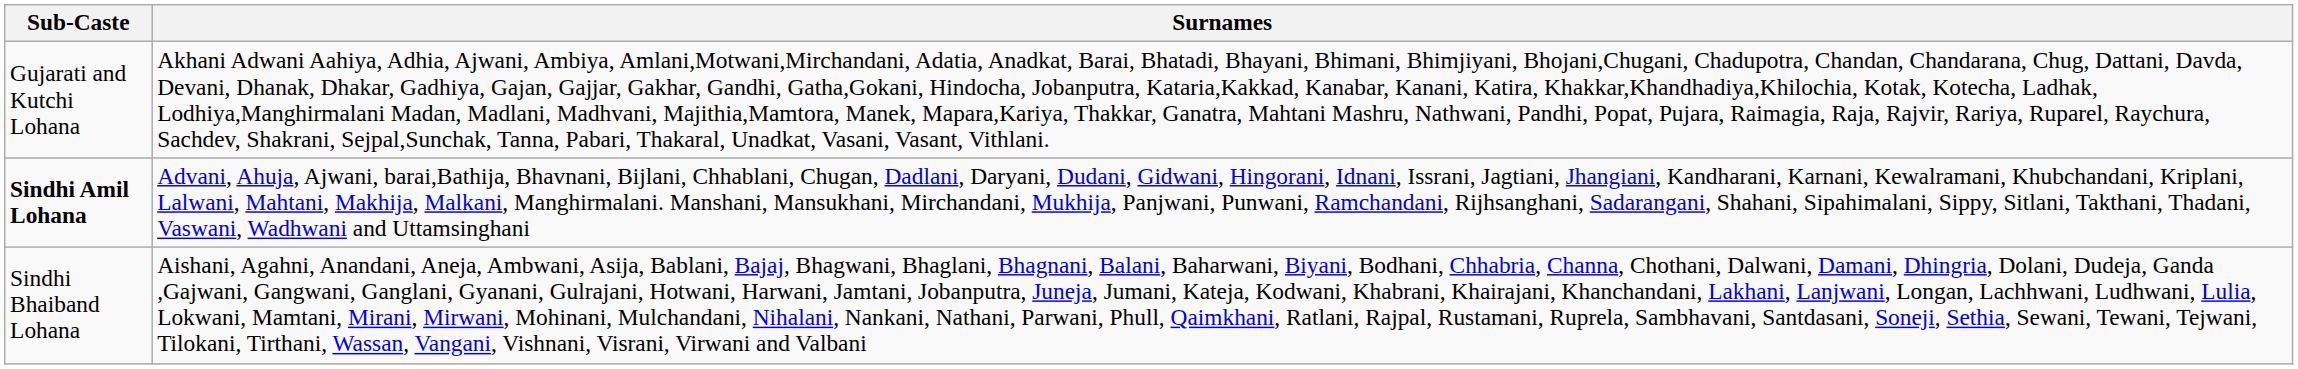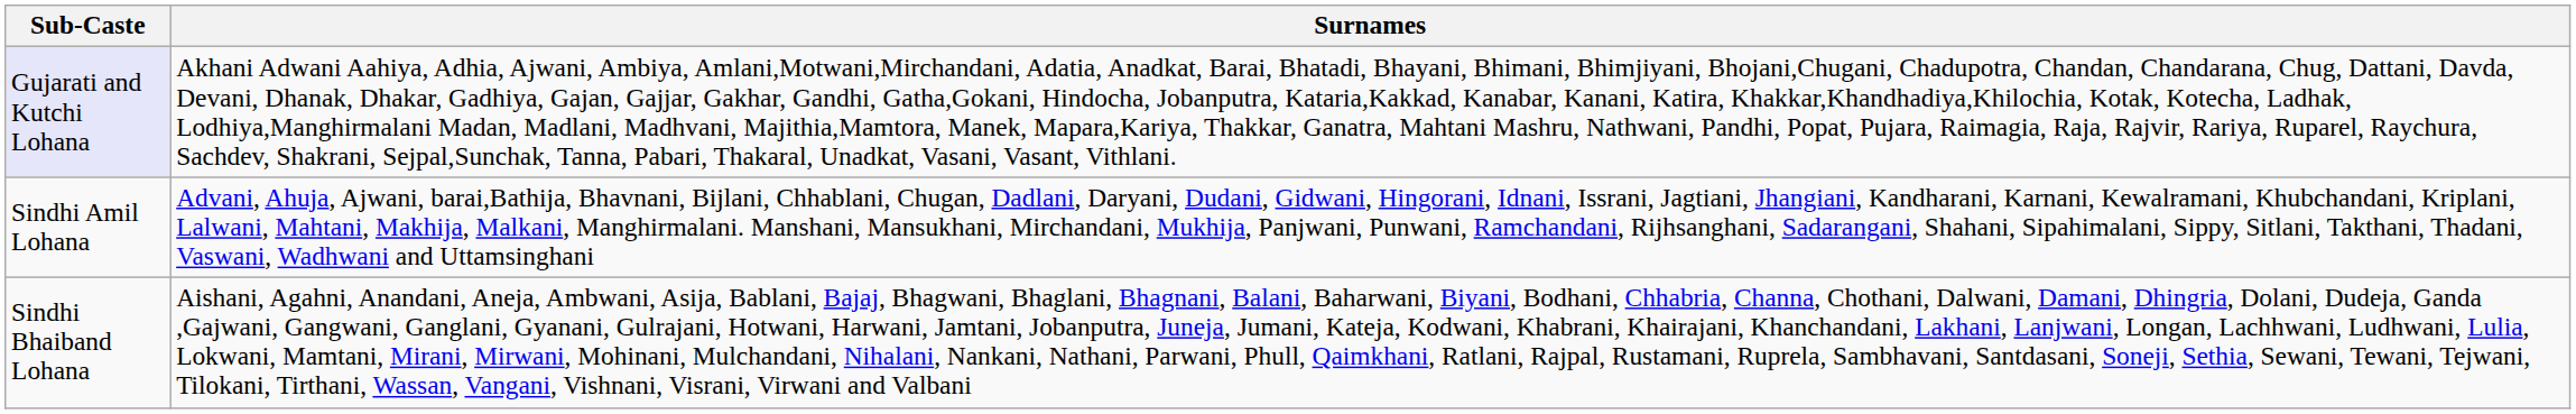 <table class="wikitable">
 <tr>
 <th>Sub-Caste</th>
 <th>Surnames</th>
 </tr>
 <tr>
-<td>Gujarati and Kutchi Lohana</td>
+<td style="background: lavender;">Gujarati and Kutchi Lohana</td>
 <td>Akhani Adwani Aahiya, Adhia, Ajwani, Ambiya, Amlani,Motwani,Mirchandani, Adatia, Anadkat, Barai, Bhatadi, Bhayani, Bhimani, Bhimjiyani, Bhojani,Chugani, Chadupotra, Chandan, Chandarana, Chug, Dattani, Davda, Devani, Dhanak, Dhakar, Gadhiya, Gajan, Gajjar, Gakhar, Gandhi, Gatha,Gokani, Hindocha, Jobanputra, Kataria,Kakkad, Kanabar, Kanani, Katira, Khakkar,Khandhadiya,Khilochia, Kotak, Kotecha, Ladhak, Lodhiya,Manghirmalani Madan, Madlani, Madhvani, Majithia,Mamtora, Manek, Mapara,Kariya, Thakkar, Ganatra, Mahtani Mashru, Nathwani, Pandhi, Popat, Pujara, Raimagia, Raja, Rajvir, Rariya, Ruparel, Raychura, Sachdev, Shakrani, Sejpal,Sunchak, Tanna, Pabari, Thakaral, Unadkat, Vasani, Vasant, Vithlani.</td>
 </tr>
 <tr>
-<td><strong>Sindhi Amil Lohana</strong></td>
+<td>Sindhi Amil Lohana</td>
 <td><a href='#'>Advani</a>, <a href='#'>Ahuja</a>, Ajwani, barai,Bathija, Bhavnani, Bijlani, Chhablani, Chugan, <a href='#'>Dadlani</a>, Daryani, <a href='#'>Dudani</a>, <a href='#'>Gidwani</a>, <a href='#'>Hingorani</a>, <a href='#'>Idnani</a>, Issrani, Jagtiani, <a href='#'>Jhangiani</a>, Kandharani, Karnani, Kewalramani, Khubchandani, Kriplani, <a href='#'>Lalwani</a>, <a href='#'>Mahtani</a>, <a href='#'>Makhija</a>, <a href='#'>Malkani</a>, Manghirmalani. Manshani, Mansukhani, Mirchandani, <a href='#'>Mukhija</a>, Panjwani, Punwani, <a href='#'>Ramchandani</a>, Rijhsanghani, <a href='#'>Sadarangani</a>, Shahani, Sipahimalani, Sippy, Sitlani, Takthani, Thadani, <a href='#'>Vaswani</a>, <a href='#'>Wadhwani</a> and Uttamsinghani</td>
 </tr>
 <tr>
 <td>Sindhi Bhaiband Lohana</td>
 <td>Aishani, Agahni, Anandani, Aneja, Ambwani, Asija, Bablani, <a href='#'>Bajaj</a>, Bhagwani, Bhaglani, <a href='#'>Bhagnani</a>, <a href='#'>Balani</a>, Baharwani, <a href='#'>Biyani</a>, Bodhani, <a href='#'>Chhabria</a>, <a href='#'>Channa</a>, Chothani, Dalwani, <a href='#'>Damani</a>, <a href='#'>Dhingria</a>, Dolani, Dudeja, Ganda ,Gajwani, Gangwani, Ganglani, Gyanani, Gulrajani, Hotwani, Harwani, Jamtani, Jobanputra, <a href='#'>Juneja</a>, Jumani, Kateja, Kodwani, Khabrani, Khairajani, Khanchandani, <a href='#'>Lakhani</a>, <a href='#'>Lanjwani</a>, Longan, Lachhwani, Ludhwani, <a href='#'>Lulia</a>, Lokwani, Mamtani, <a href='#'>Mirani</a>, <a href='#'>Mirwani</a>, Mohinani, Mulchandani, <a href='#'>Nihalani</a>, Nankani, Nathani, Parwani, Phull, <a href='#'>Qaimkhani</a>, Ratlani, Rajpal, Rustamani, Ruprela, Sambhavani, Santdasani, <a href='#'>Soneji</a>, <a href='#'>Sethia</a>, Sewani, Tewani, Tejwani, Tilokani, Tirthani, <a href='#'>Wassan</a>, <a href='#'>Vangani</a>, Vishnani, Visrani, Virwani and Valbani</td>
 </tr>
 </table>
